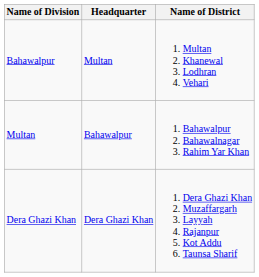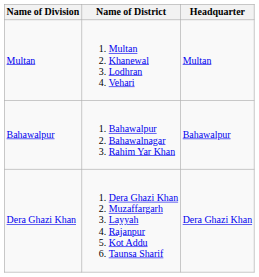 <table class="wikitable sortable">
 <tr>
 <th>Name of Division</th>
+<th>Name of District</th>
 <th>Headquarter</th>
-<th>Name of District</th>
+</tr>
+<tr>
+<td><a href='#'>Multan</a></td>
+<td><br><ol><li><a href='#'>Multan</a></li><li><a href='#'>Khanewal</a></li><li><a href='#'>Lodhran</a></li><li><a href='#'>Vehari</a></li></ol></td>
+<td><a href='#'>Multan</a></td>
 </tr>
 <tr>
 <td><a href='#'>Bahawalpur</a></td>
-<td><a href='#'>Multan</a></td>
-<td><br><ol><li><a href='#'>Multan</a></li><li><a href='#'>Khanewal</a></li><li><a href='#'>Lodhran</a></li><li><a href='#'>Vehari</a></li></ol></td>
-</tr>
-<tr>
-<td><a href='#'>Multan</a></td>
+<td><br><ol><li><a href='#'>Bahawalpur</a></li><li><a href='#'>Bahawalnagar</a></li><li><a href='#'>Rahim Yar Khan</a></li></ol></td>
 <td><a href='#'>Bahawalpur</a></td>
-<td><br><ol><li><a href='#'>Bahawalpur</a></li><li><a href='#'>Bahawalnagar</a></li><li><a href='#'>Rahim Yar Khan</a></li></ol></td>
 </tr>
 <tr>
 <td><a href='#'>Dera Ghazi Khan</a></td>
+<td><br><ol><li><a href='#'>Dera Ghazi Khan</a></li><li><a href='#'>Muzaffargarh</a></li><li><a href='#'>Layyah</a></li><li><a href='#'>Rajanpur</a></li><li><a href='#'>Kot Addu</a></li><li><a href='#'>Taunsa Sharif</a></li></ol></td>
 <td><a href='#'>Dera Ghazi Khan</a></td>
-<td><br><ol><li><a href='#'>Dera Ghazi Khan</a></li><li><a href='#'>Muzaffargarh</a></li><li><a href='#'>Layyah</a></li><li><a href='#'>Rajanpur</a></li><li><a href='#'>Kot Addu</a></li><li><a href='#'>Taunsa Sharif</a></li></ol></td>
 </tr>
 </table>
